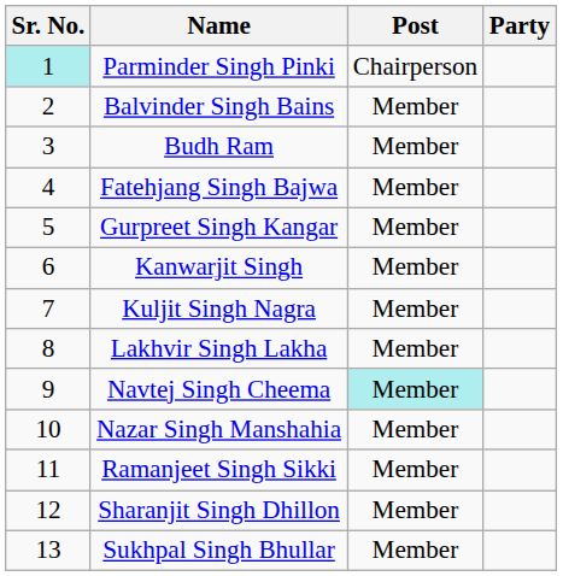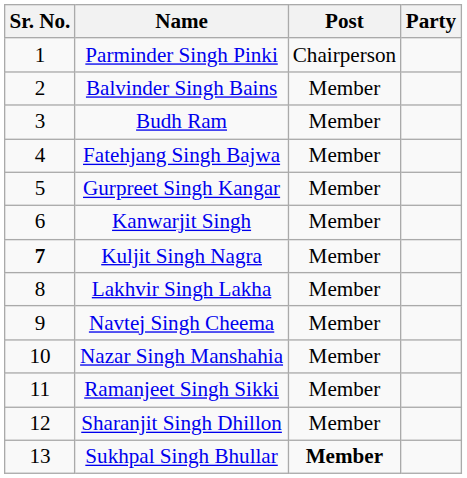 <table class="wikitable sortable">
 <tr>
 <th>Sr. No.</th>
 <th>Name</th>
 <th>Post</th>
 <th colspan="2">Party</th>
 </tr>
 <tr align="center">
-<td style="background: paleturquoise;">1</td>
+<td>1</td>
 <td><a href='#'>Parminder Singh Pinki</a></td>
 <td>Chairperson</td>
 <td></td>
 </tr>
 <tr align="center">
 <td>2</td>
 <td><a href='#'>Balvinder Singh Bains</a></td>
 <td>Member</td>
 <td></td>
 </tr>
 <tr align="center">
 <td>3</td>
 <td><a href='#'>Budh Ram</a></td>
 <td>Member</td>
 <td></td>
 </tr>
 <tr align="center">
 <td>4</td>
 <td><a href='#'>Fatehjang Singh Bajwa</a></td>
 <td>Member</td>
 <td></td>
 </tr>
 <tr align="center">
 <td>5</td>
 <td><a href='#'>Gurpreet Singh Kangar</a></td>
 <td>Member</td>
 <td></td>
 </tr>
 <tr align="center">
 <td>6</td>
 <td><a href='#'>Kanwarjit Singh</a></td>
 <td>Member</td>
 <td></td>
 </tr>
 <tr align="center">
-<td>7</td>
+<td><strong>7</strong></td>
 <td><a href='#'>Kuljit Singh Nagra</a></td>
 <td>Member</td>
 <td></td>
 </tr>
 <tr align="center">
 <td>8</td>
 <td><a href='#'>Lakhvir Singh Lakha</a></td>
 <td>Member</td>
 <td></td>
 </tr>
 <tr align="center">
 <td>9</td>
 <td><a href='#'>Navtej Singh Cheema</a></td>
-<td style="background: paleturquoise;">Member</td>
+<td>Member</td>
 <td></td>
 </tr>
 <tr align="center">
 <td>10</td>
 <td><a href='#'>Nazar Singh Manshahia</a></td>
 <td>Member</td>
 <td></td>
 </tr>
 <tr align="center">
 <td>11</td>
 <td><a href='#'>Ramanjeet Singh Sikki</a></td>
 <td>Member</td>
 <td></td>
 </tr>
 <tr align="center">
 <td>12</td>
 <td><a href='#'>Sharanjit Singh Dhillon</a></td>
 <td>Member</td>
 <td></td>
 </tr>
 <tr align="center">
 <td>13</td>
 <td><a href='#'>Sukhpal Singh Bhullar</a></td>
-<td>Member</td>
+<td><strong>Member</strong></td>
 <td></td>
 </tr>
 </table>
